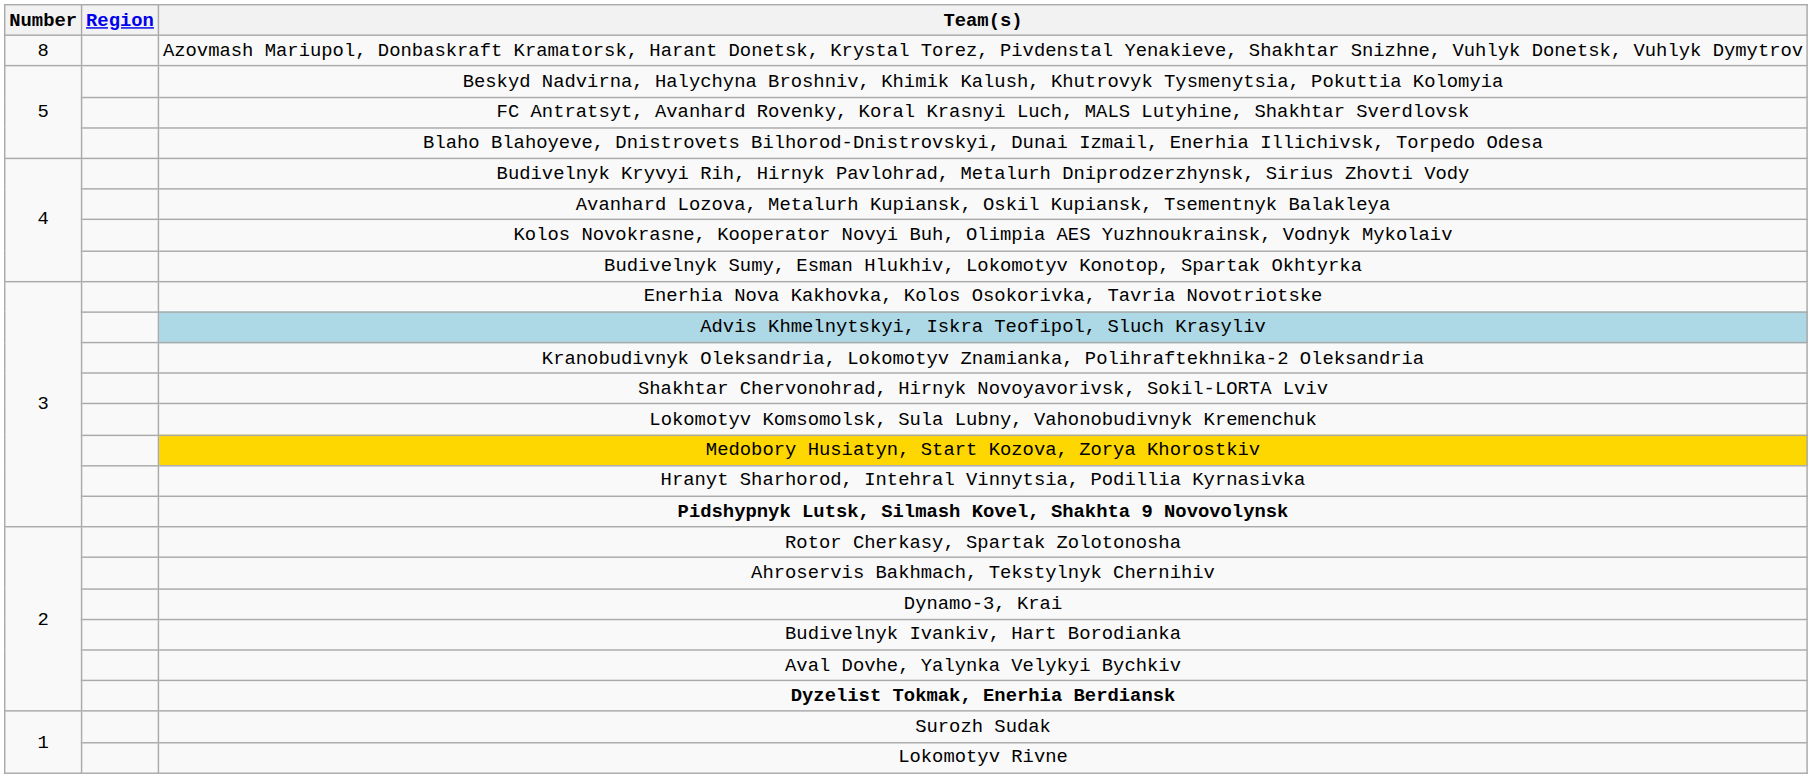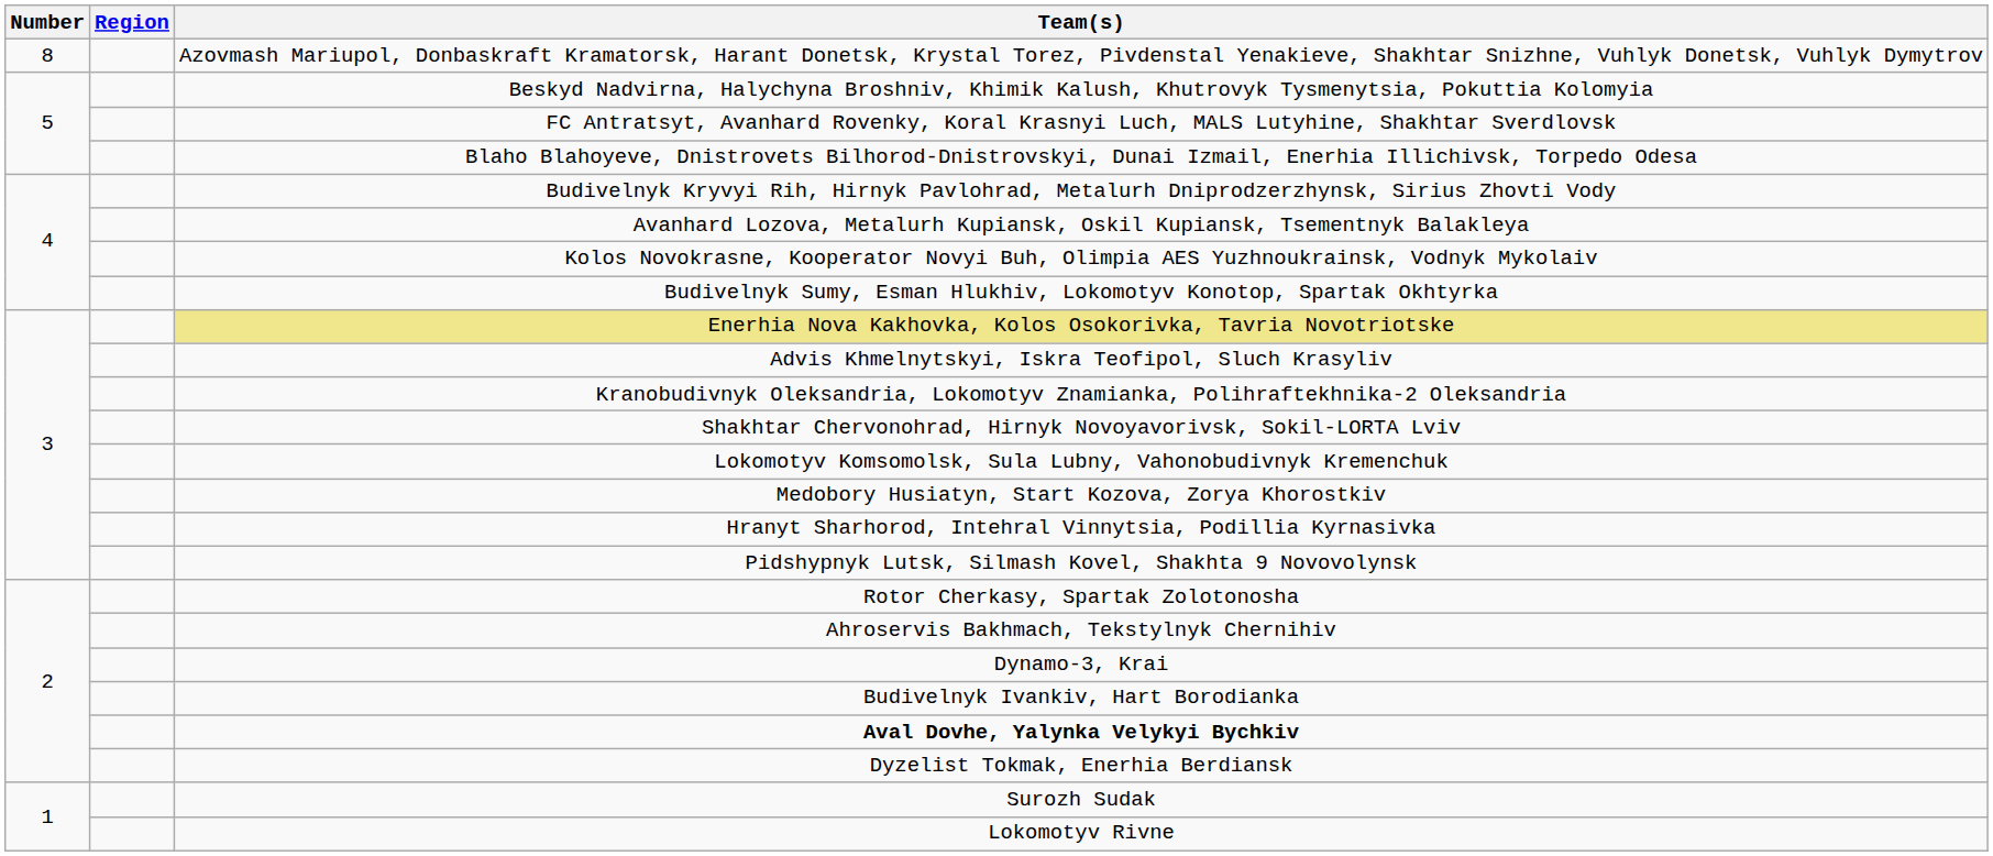 <table class="wikitable" style="text-align:center">
 <tr>
 <th>Number</th>
 <th><a href='#'>Region</a></th>
 <th>Team(s)</th>
 </tr>
 <tr>
 <td rowspan="1">8</td>
 <td align="left"></td>
 <td>Azovmash Mariupol, Donbaskraft Kramatorsk, Harant Donetsk, Krystal Torez, Pivdenstal Yenakieve, Shakhtar Snizhne, Vuhlyk Donetsk, Vuhlyk Dymytrov</td>
 </tr>
 <tr>
 <td rowspan="3">5</td>
 <td align="left"></td>
 <td>Beskyd Nadvirna, Halychyna Broshniv, Khimik Kalush, Khutrovyk Tysmenytsia, Pokuttia Kolomyia</td>
 </tr>
 <tr>
 <td align="left"></td>
 <td>FC Antratsyt, Avanhard Rovenky, Koral Krasnyi Luch, MALS Lutyhine, Shakhtar Sverdlovsk</td>
 </tr>
 <tr>
 <td align="left"></td>
 <td>Blaho Blahoyeve, Dnistrovets Bilhorod-Dnistrovskyi, Dunai Izmail, Enerhia Illichivsk, Torpedo Odesa</td>
 </tr>
 <tr>
 <td rowspan="4">4</td>
 <td align="left"></td>
 <td>Budivelnyk Kryvyi Rih, Hirnyk Pavlohrad, Metalurh Dniprodzerzhynsk, Sirius Zhovti Vody</td>
 </tr>
 <tr>
 <td align="left"></td>
 <td>Avanhard Lozova, Metalurh Kupiansk, Oskil Kupiansk, Tsementnyk Balakleya</td>
 </tr>
 <tr>
 <td align="left"></td>
 <td>Kolos Novokrasne, Kooperator Novyi Buh, Olimpia AES Yuzhnoukrainsk, Vodnyk Mykolaiv</td>
 </tr>
 <tr>
 <td align="left"></td>
 <td>Budivelnyk Sumy, Esman Hlukhiv, Lokomotyv Konotop, Spartak Okhtyrka</td>
 </tr>
 <tr>
 <td rowspan="8">3</td>
 <td align="left"></td>
-<td>Enerhia Nova Kakhovka, Kolos Osokorivka, Tavria Novotriotske</td>
+<td style="background: khaki;">Enerhia Nova Kakhovka, Kolos Osokorivka, Tavria Novotriotske</td>
 </tr>
 <tr>
 <td align="left"></td>
-<td style="background: lightblue;">Advis Khmelnytskyi, Iskra Teofipol, Sluch Krasyliv</td>
+<td>Advis Khmelnytskyi, Iskra Teofipol, Sluch Krasyliv</td>
 </tr>
 <tr>
 <td align="left"></td>
 <td>Kranobudivnyk Oleksandria, Lokomotyv Znamianka, Polihraftekhnika-2 Oleksandria</td>
 </tr>
 <tr>
 <td align="left"></td>
 <td>Shakhtar Chervonohrad, Hirnyk Novoyavorivsk, Sokil-LORTA Lviv</td>
 </tr>
 <tr>
 <td align="left"></td>
 <td>Lokomotyv Komsomolsk, Sula Lubny, Vahonobudivnyk Kremenchuk</td>
 </tr>
 <tr>
 <td align="left"></td>
-<td style="background: gold;">Medobory Husiatyn, Start Kozova, Zorya Khorostkiv</td>
+<td>Medobory Husiatyn, Start Kozova, Zorya Khorostkiv</td>
 </tr>
 <tr>
 <td align="left"></td>
 <td>Hranyt Sharhorod, Intehral Vinnytsia, Podillia Kyrnasivka</td>
 </tr>
 <tr>
 <td align="left"></td>
-<td><strong>Pidshypnyk Lutsk, Silmash Kovel, Shakhta 9 Novovolynsk</strong></td>
+<td>Pidshypnyk Lutsk, Silmash Kovel, Shakhta 9 Novovolynsk</td>
 </tr>
 <tr>
 <td rowspan="6">2</td>
 <td align="left"></td>
 <td>Rotor Cherkasy, Spartak Zolotonosha</td>
 </tr>
 <tr>
 <td align="left"></td>
 <td>Ahroservis Bakhmach, Tekstylnyk Chernihiv</td>
 </tr>
 <tr>
 <td align="left"></td>
 <td>Dynamo-3, Krai</td>
 </tr>
 <tr>
 <td align="left"></td>
 <td>Budivelnyk Ivankiv, Hart Borodianka</td>
 </tr>
 <tr>
 <td align="left"></td>
-<td>Aval Dovhe, Yalynka Velykyi Bychkiv</td>
+<td><strong>Aval Dovhe, Yalynka Velykyi Bychkiv</strong></td>
 </tr>
 <tr>
 <td align="left"></td>
-<td><strong>Dyzelist Tokmak, Enerhia Berdiansk</strong></td>
+<td>Dyzelist Tokmak, Enerhia Berdiansk</td>
 </tr>
 <tr>
 <td rowspan="26">1</td>
 <td align="left"></td>
 <td>Surozh Sudak</td>
 </tr>
 <tr>
 <td align="left"></td>
 <td>Lokomotyv Rivne</td>
 </tr>
 </table>
